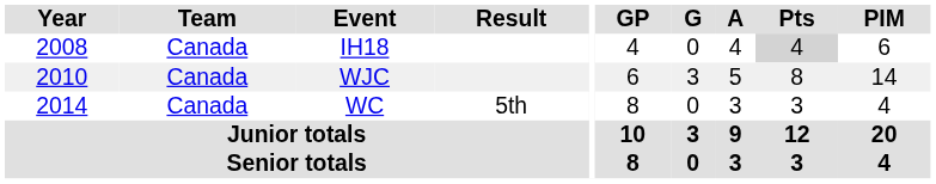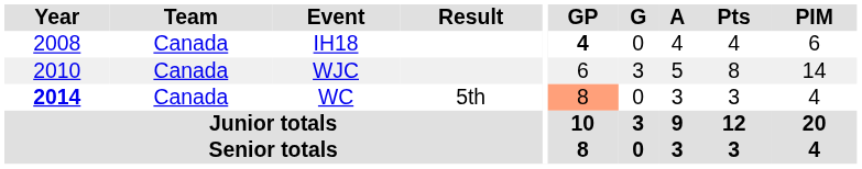 <table border="0" cellpadding="1" cellspacing="0" ID="Table3" style="text-align:center; width:40em">
 <tr ALIGN="centre" bgcolor="#e0e0e0">
 <th>Year</th>
 <th>Team</th>
 <th>Event</th>
 <th>Result</th>
 <th rowspan="99" bgcolor="#ffffff"></th>
 <th>GP</th>
 <th>G</th>
 <th>A</th>
 <th>Pts</th>
 <th>PIM</th>
 </tr>
 <tr>
 <td><a href='#'>2008</a></td>
 <td><a href='#'>Canada</a></td>
 <td><a href='#'>IH18</a></td>
 <td></td>
-<td>4</td>
+<td><strong>4</strong></td>
 <td>0</td>
 <td>4</td>
-<td style="background: lightgrey;">4</td>
+<td>4</td>
 <td>6</td>
 </tr>
 <tr bgcolor="#f0f0f0">
 <td><a href='#'>2010</a></td>
 <td><a href='#'>Canada</a></td>
 <td><a href='#'>WJC</a></td>
 <td></td>
 <td>6</td>
 <td>3</td>
 <td>5</td>
 <td>8</td>
 <td>14</td>
 </tr>
 <tr>
-<td><a href='#'>2014</a></td>
+<td><strong><a href='#'>2014</a></strong></td>
 <td><a href='#'>Canada</a></td>
 <td><a href='#'>WC</a></td>
 <td>5th</td>
-<td>8</td>
+<td style="background: lightsalmon;">8</td>
 <td>0</td>
 <td>3</td>
 <td>3</td>
 <td>4</td>
 </tr>
 <tr bgcolor="#e0e0e0">
 <th colspan=4>Junior totals</th>
 <th>10</th>
 <th>3</th>
 <th>9</th>
 <th>12</th>
 <th>20</th>
 </tr>
 <tr bgcolor="#e0e0e0">
 <th colspan=4>Senior totals</th>
 <th>8</th>
 <th>0</th>
 <th>3</th>
 <th>3</th>
 <th>4</th>
 </tr>
 </table>
